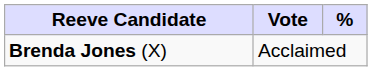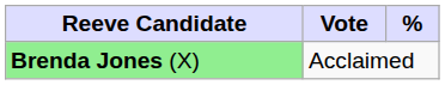 <table class="wikitable">
 <tr>
 <th style="background:#ddf; width:200px;">Reeve Candidate</th>
 <th style="background:#ddf; width:50px;">Vote</th>
 <th style="background:#ddf; width:30px;">%</th>
 </tr>
 <tr>
-<td><strong>Brenda Jones</strong> (X)</td>
+<td style="background: lightgreen;"><strong>Brenda Jones</strong> (X)</td>
 <td colspan="2">Acclaimed</td>
 </tr>
 </table>
